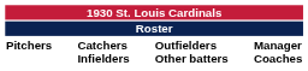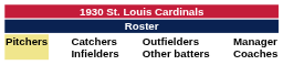 <table class="toccolours" style="font-size: 95%;">
 <tr>
 <th colspan="10" style="background-color: #c41c3a; color: white; text-align: center;">1930 St. Louis Cardinals</th>
 </tr>
 <tr>
 <td colspan="10" style="background-color: #0a2252; color: white; text-align: center;"><strong>Roster</strong></td>
 </tr>
 <tr>
-<td valign="top"><strong>Pitchers</strong><br>              </td>
+<td valign="top" style="background: khaki;"><strong>Pitchers</strong><br>              </td>
 <td width="25px"></td>
 <td valign="top"><strong>Catchers</strong><br>   <strong>Infielders</strong>       </td>
 <td width="25px"></td>
 <td valign="top"><strong>Outfielders</strong><br>       <strong>Other batters</strong> </td>
 <td width="25px"></td>
 <td valign="top"><strong>Manager</strong><br> <strong>Coaches</strong>  </td>
 </tr>
 </table>
